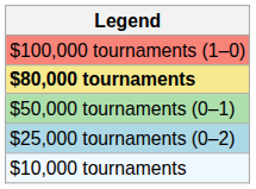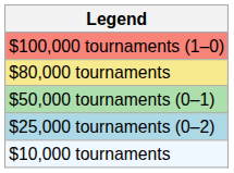 <table class="wikitable" style="font-size:90%">
 <tr>
 <th>Legend</th>
 </tr>
 <tr bgcolor="#F88379">
 <td>$100,000 tournaments (1–0)</td>
 </tr>
 <tr bgcolor=f7e98e>
-<td><strong>$80,000 tournaments</strong></td>
+<td>$80,000 tournaments</td>
 </tr>
 <tr bgcolor="#ADDFAD">
 <td>$50,000 tournaments (0–1)</td>
 </tr>
 <tr bgcolor="lightblue">
 <td>$25,000 tournaments (0–2)</td>
 </tr>
 <tr bgcolor=f0f8ff>
 <td>$10,000 tournaments</td>
 </tr>
 </table>
